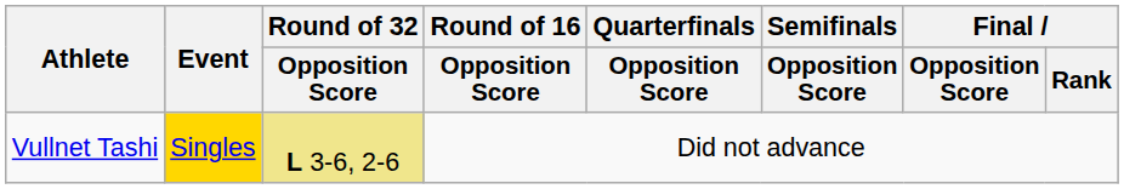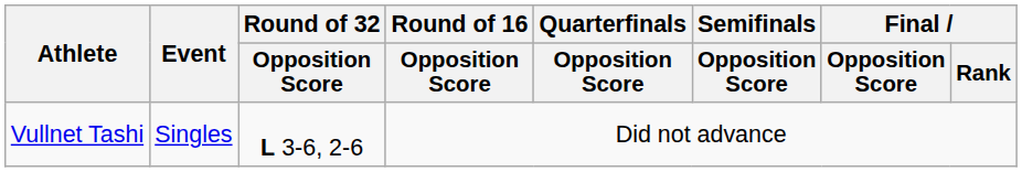 <table class=wikitable style="font-size:90%">
 <tr>
 <th rowspan="2">Athlete</th>
 <th rowspan="2">Event</th>
 <th>Round of 32</th>
 <th>Round of 16</th>
 <th>Quarterfinals</th>
 <th>Semifinals</th>
 <th colspan=2>Final / </th>
 </tr>
 <tr style="font-size:95%">
 <th>Opposition<br>Score</th>
 <th>Opposition<br>Score</th>
 <th>Opposition<br>Score</th>
 <th>Opposition<br>Score</th>
 <th>Opposition<br>Score</th>
 <th>Rank</th>
 </tr>
 <tr align=center>
 <td align=left><a href='#'>Vullnet Tashi</a></td>
-<td align=left style="background: gold;"><a href='#'>Singles</a></td>
-<td style="background: khaki;"><br><strong>L</strong> 3-6, 2-6</td>
+<td align=left><a href='#'>Singles</a></td>
+<td><br><strong>L</strong> 3-6, 2-6</td>
 <td colspan=5>Did not advance</td>
 </tr>
 </table>
